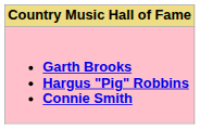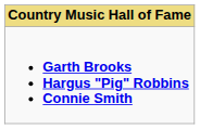 <table class="wikitable">
 <tr>
 <th style="background:#EEDD82; width=50%">Country Music Hall of Fame</th>
 </tr>
 <tr>
-<td valign="top" style="background: pink;"><br><ul><li><strong><a href='#'>Garth Brooks</a></strong></li><li><strong><a href='#'>Hargus "Pig" Robbins</a></strong></li><li><strong><a href='#'>Connie Smith</a></strong></li></ul></td>
+<td valign="top"><br><ul><li><strong><a href='#'>Garth Brooks</a></strong></li><li><strong><a href='#'>Hargus "Pig" Robbins</a></strong></li><li><strong><a href='#'>Connie Smith</a></strong></li></ul></td>
 </tr>
 </table>
